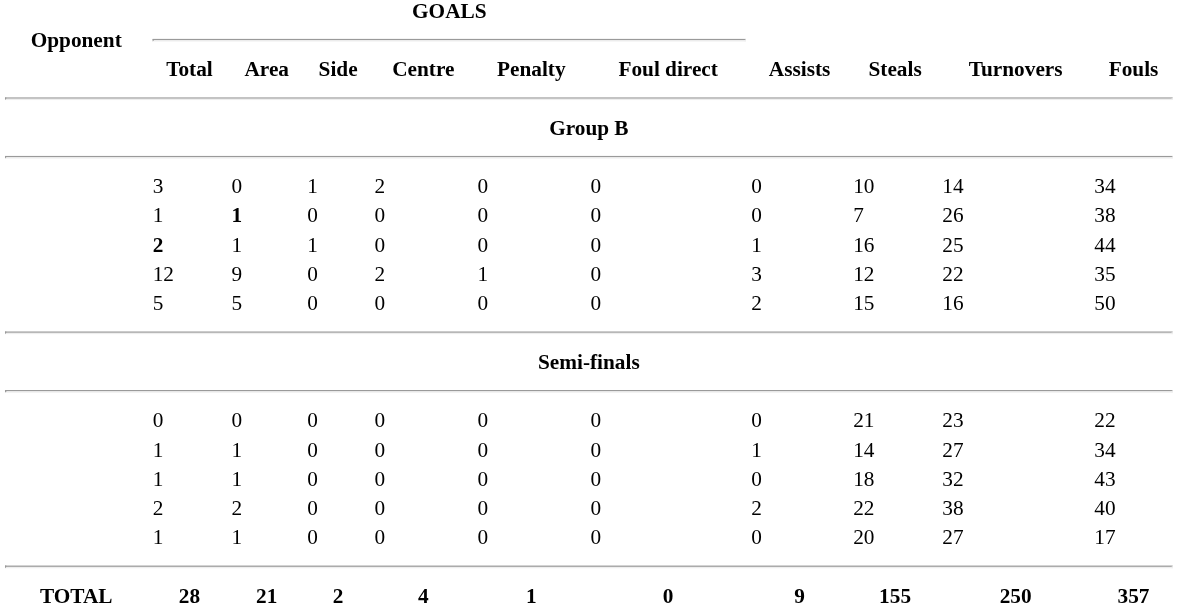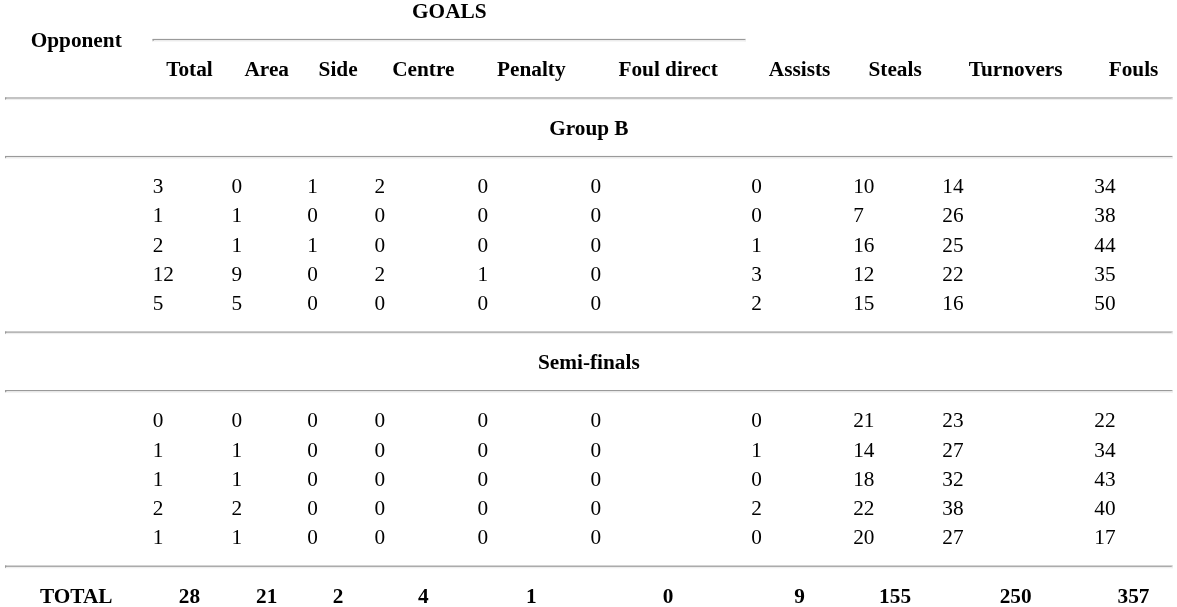 <table border=0 width=100%>
 <tr>
 <th rowspan=3>Opponent</th>
 <th align=center colspan=6 valign=bottom>GOALS</th>
 <th rowspan=3 valign=bottom>Assists</th>
 <th rowspan=3 valign=bottom>Steals</th>
 <th rowspan=3 valign=bottom>Turnovers</th>
 <th rowspan=3 valign=bottom>Fouls</th>
 </tr>
 <tr>
 <th colspan=6><hr></th>
 </tr>
 <tr>
 <th>Total</th>
 <th>Area</th>
 <th>Side</th>
 <th>Centre</th>
 <th>Penalty</th>
 <th>Foul direct</th>
 </tr>
 <tr>
 <th colspan=11><hr></th>
 </tr>
 <tr>
 <th colspan=11>Group B</th>
 </tr>
 <tr>
 <th colspan=11><hr></th>
 </tr>
 <tr>
 <td></td>
 <td>3</td>
 <td>0</td>
 <td>1</td>
 <td>2</td>
 <td>0</td>
 <td>0</td>
 <td>0</td>
 <td>10</td>
 <td>14</td>
 <td>34</td>
 </tr>
 <tr>
 <td></td>
 <td>1</td>
-<td><strong>1</strong></td>
+<td>1</td>
 <td>0</td>
 <td>0</td>
 <td>0</td>
 <td>0</td>
 <td>0</td>
 <td>7</td>
 <td>26</td>
 <td>38</td>
 </tr>
 <tr>
 <td></td>
-<td><strong>2</strong></td>
+<td>2</td>
 <td>1</td>
 <td>1</td>
 <td>0</td>
 <td>0</td>
 <td>0</td>
 <td>1</td>
 <td>16</td>
 <td>25</td>
 <td>44</td>
 </tr>
 <tr>
 <td></td>
 <td>12</td>
 <td>9</td>
 <td>0</td>
 <td>2</td>
 <td>1</td>
 <td>0</td>
 <td>3</td>
 <td>12</td>
 <td>22</td>
 <td>35</td>
 </tr>
 <tr>
 <td></td>
 <td>5</td>
 <td>5</td>
 <td>0</td>
 <td>0</td>
 <td>0</td>
 <td>0</td>
 <td>2</td>
 <td>15</td>
 <td>16</td>
 <td>50</td>
 </tr>
 <tr>
 <th colspan=11><hr></th>
 </tr>
 <tr>
 <th colspan=11>Semi-finals</th>
 </tr>
 <tr>
 <th colspan=11><hr></th>
 </tr>
 <tr>
 <td></td>
 <td>0</td>
 <td>0</td>
 <td>0</td>
 <td>0</td>
 <td>0</td>
 <td>0</td>
 <td>0</td>
 <td>21</td>
 <td>23</td>
 <td>22</td>
 </tr>
 <tr>
 <td></td>
 <td>1</td>
 <td>1</td>
 <td>0</td>
 <td>0</td>
 <td>0</td>
 <td>0</td>
 <td>1</td>
 <td>14</td>
 <td>27</td>
 <td>34</td>
 </tr>
 <tr>
 <td></td>
 <td>1</td>
 <td>1</td>
 <td>0</td>
 <td>0</td>
 <td>0</td>
 <td>0</td>
 <td>0</td>
 <td>18</td>
 <td>32</td>
 <td>43</td>
 </tr>
 <tr>
 <td></td>
 <td>2</td>
 <td>2</td>
 <td>0</td>
 <td>0</td>
 <td>0</td>
 <td>0</td>
 <td>2</td>
 <td>22</td>
 <td>38</td>
 <td>40</td>
 </tr>
 <tr>
 <td></td>
 <td>1</td>
 <td>1</td>
 <td>0</td>
 <td>0</td>
 <td>0</td>
 <td>0</td>
 <td>0</td>
 <td>20</td>
 <td>27</td>
 <td>17</td>
 </tr>
 <tr>
 <th colspan=11><hr></th>
 </tr>
 <tr>
 <th>TOTAL</th>
 <th>28</th>
 <th>21</th>
 <th>2</th>
 <th>4</th>
 <th>1</th>
 <th>0</th>
 <th>9</th>
 <th>155</th>
 <th>250</th>
 <th>357</th>
 </tr>
 </table>
